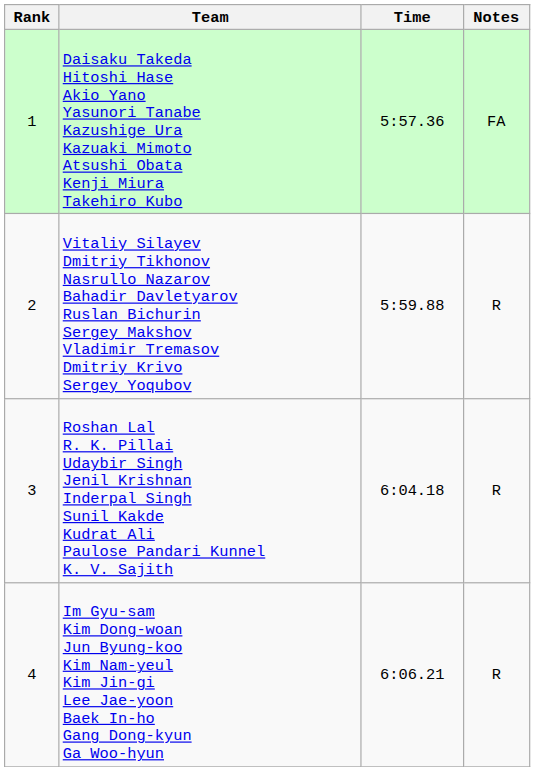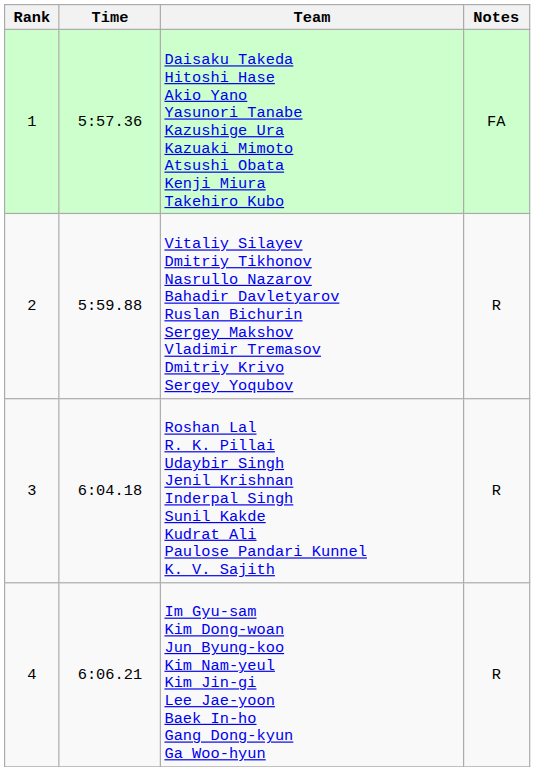 <table class=wikitable style="text-align:center">
 <tr>
 <th width=40>Rank</th>
+<th width=80>Time</th>
 <th width=250>Team</th>
-<th width=80>Time</th>
 <th width=50>Notes</th>
 </tr>
 <tr bgcolor="ccffcc">
 <td>1</td>
+<td>5:57.36</td>
 <td align=left><br><a href='#'>Daisaku Takeda</a><br><a href='#'>Hitoshi Hase</a><br><a href='#'>Akio Yano</a><br><a href='#'>Yasunori Tanabe</a><br><a href='#'>Kazushige Ura</a><br><a href='#'>Kazuaki Mimoto</a><br><a href='#'>Atsushi Obata</a><br><a href='#'>Kenji Miura</a><br><a href='#'>Takehiro Kubo</a></td>
-<td>5:57.36</td>
 <td>FA</td>
 </tr>
 <tr>
 <td>2</td>
+<td>5:59.88</td>
 <td align=left><br><a href='#'>Vitaliy Silayev</a><br><a href='#'>Dmitriy Tikhonov</a><br><a href='#'>Nasrullo Nazarov</a><br><a href='#'>Bahadir Davletyarov</a><br><a href='#'>Ruslan Bichurin</a><br><a href='#'>Sergey Makshov</a><br><a href='#'>Vladimir Tremasov</a><br><a href='#'>Dmitriy Krivo</a><br><a href='#'>Sergey Yoqubov</a></td>
-<td>5:59.88</td>
 <td>R</td>
 </tr>
 <tr>
 <td>3</td>
+<td>6:04.18</td>
 <td align=left><br><a href='#'>Roshan Lal</a><br><a href='#'>R. K. Pillai</a><br><a href='#'>Udaybir Singh</a><br><a href='#'>Jenil Krishnan</a><br><a href='#'>Inderpal Singh</a><br><a href='#'>Sunil Kakde</a><br><a href='#'>Kudrat Ali</a><br><a href='#'>Paulose Pandari Kunnel</a><br><a href='#'>K. V. Sajith</a></td>
-<td>6:04.18</td>
 <td>R</td>
 </tr>
 <tr>
 <td>4</td>
+<td>6:06.21</td>
 <td align=left><br><a href='#'>Im Gyu-sam</a><br><a href='#'>Kim Dong-woan</a><br><a href='#'>Jun Byung-koo</a><br><a href='#'>Kim Nam-yeul</a><br><a href='#'>Kim Jin-gi</a><br><a href='#'>Lee Jae-yoon</a><br><a href='#'>Baek In-ho</a><br><a href='#'>Gang Dong-kyun</a><br><a href='#'>Ga Woo-hyun</a></td>
-<td>6:06.21</td>
 <td>R</td>
 </tr>
 </table>
